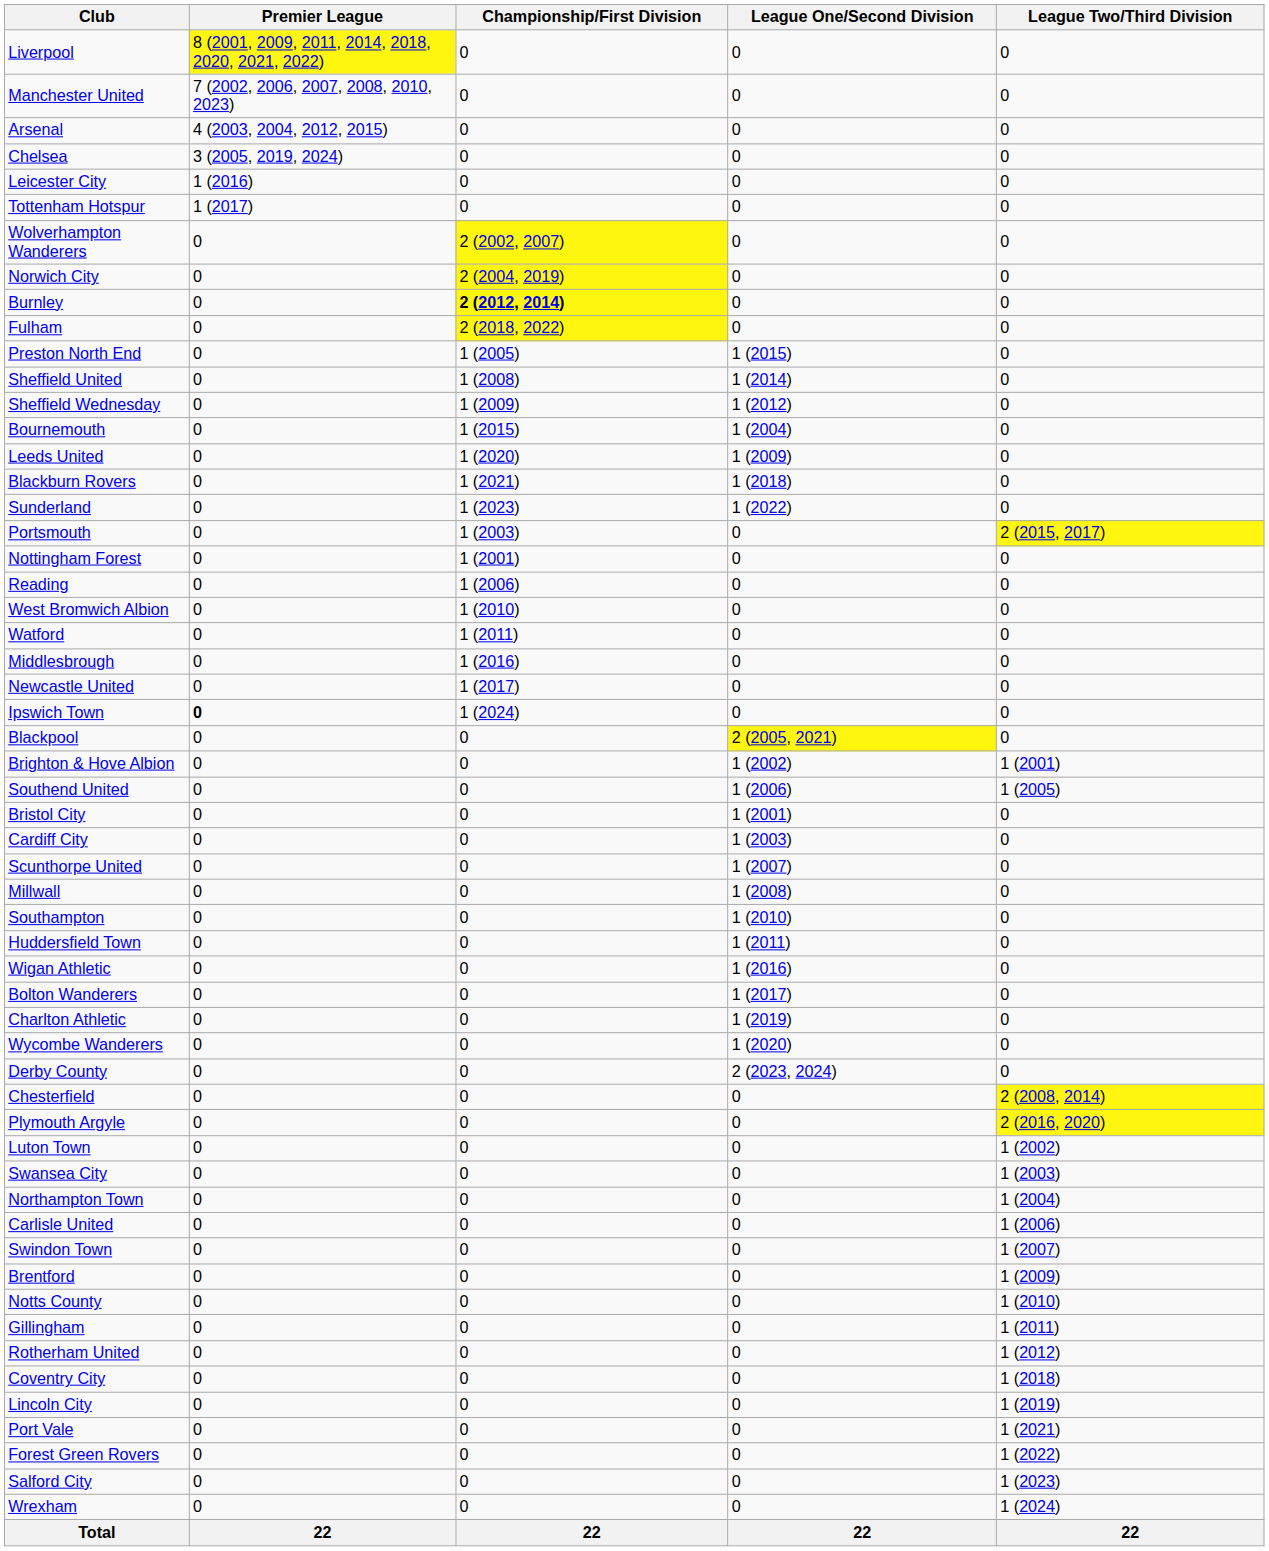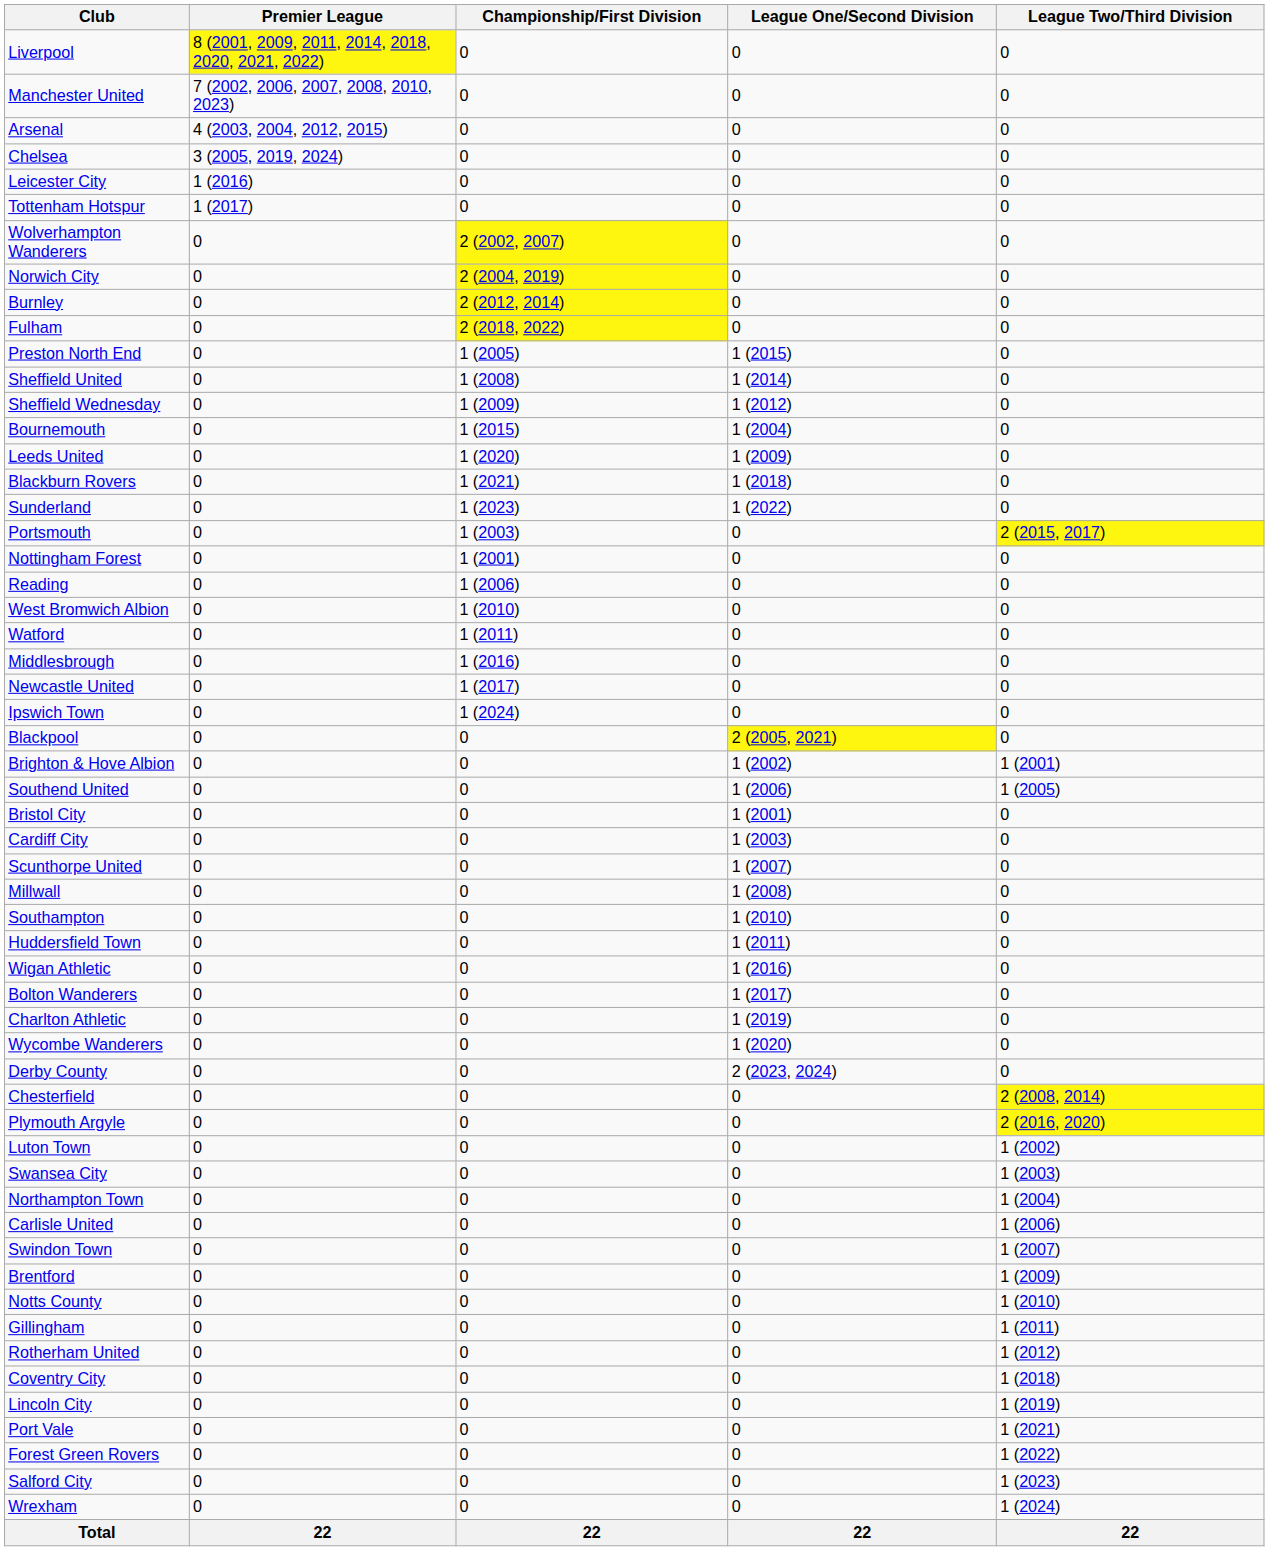 <table class="wikitable sortable">
 <tr>
 <th width="180px">Club</th>
 <th width="270px">Premier League</th>
 <th width="270px">Championship/First Division</th>
 <th width="270px">League One/Second Division</th>
 <th width="270px">League Two/Third Division</th>
 </tr>
 <tr>
 <td><a href='#'>Liverpool</a></td>
 <td bgcolor=#FFF60F>8 (<a href='#'>2001</a>, <a href='#'>2009</a>, <a href='#'>2011</a>, <a href='#'>2014</a>, <a href='#'>2018</a>, <a href='#'>2020</a>, <a href='#'>2021</a>, <a href='#'>2022</a>)</td>
 <td>0</td>
 <td>0</td>
 <td>0</td>
 </tr>
 <tr>
 <td><a href='#'>Manchester United</a></td>
 <td>7 (<a href='#'>2002</a>, <a href='#'>2006</a>, <a href='#'>2007</a>, <a href='#'>2008</a>, <a href='#'>2010</a>, <a href='#'>2023</a>)</td>
 <td>0</td>
 <td>0</td>
 <td>0</td>
 </tr>
 <tr>
 <td><a href='#'>Arsenal</a></td>
 <td>4 (<a href='#'>2003</a>, <a href='#'>2004</a>, <a href='#'>2012</a>, <a href='#'>2015</a>)</td>
 <td>0</td>
 <td>0</td>
 <td>0</td>
 </tr>
 <tr>
 <td><a href='#'>Chelsea</a></td>
 <td>3 (<a href='#'>2005</a>, <a href='#'>2019</a>, <a href='#'>2024</a>)</td>
 <td>0</td>
 <td>0</td>
 <td>0</td>
 </tr>
 <tr>
 <td><a href='#'>Leicester City</a></td>
 <td>1 (<a href='#'>2016</a>)</td>
 <td>0</td>
 <td>0</td>
 <td>0</td>
 </tr>
 <tr>
 <td><a href='#'>Tottenham Hotspur</a></td>
 <td>1 (<a href='#'>2017</a>)</td>
 <td>0</td>
 <td>0</td>
 <td>0</td>
 </tr>
 <tr>
 <td><a href='#'>Wolverhampton Wanderers</a></td>
 <td>0</td>
 <td bgcolor=#FFF60F>2 (<a href='#'>2002</a>, <a href='#'>2007</a>)</td>
 <td>0</td>
 <td>0</td>
 </tr>
 <tr>
 <td><a href='#'>Norwich City</a></td>
 <td>0</td>
 <td bgcolor=#FFF60F>2 (<a href='#'>2004</a>, <a href='#'>2019</a>)</td>
 <td>0</td>
 <td>0</td>
 </tr>
 <tr>
 <td><a href='#'>Burnley</a></td>
 <td>0</td>
-<td bgcolor=#FFF60F><strong>2 (<a href='#'>2012</a>, <a href='#'>2014</a>)</strong></td>
+<td bgcolor=#FFF60F>2 (<a href='#'>2012</a>, <a href='#'>2014</a>)</td>
 <td>0</td>
 <td>0</td>
 </tr>
 <tr>
 <td><a href='#'>Fulham</a></td>
 <td>0</td>
 <td bgcolor=#FFF60F>2 (<a href='#'>2018</a>, <a href='#'>2022</a>)</td>
 <td>0</td>
 <td>0</td>
 </tr>
 <tr>
 <td><a href='#'>Preston North End</a></td>
 <td>0</td>
 <td>1 (<a href='#'>2005</a>)</td>
 <td>1 (<a href='#'>2015</a>)</td>
 <td>0</td>
 </tr>
 <tr>
 <td><a href='#'>Sheffield United</a></td>
 <td>0</td>
 <td>1 (<a href='#'>2008</a>)</td>
 <td>1 (<a href='#'>2014</a>)</td>
 <td>0</td>
 </tr>
 <tr>
 <td><a href='#'>Sheffield Wednesday</a></td>
 <td>0</td>
 <td>1 (<a href='#'>2009</a>)</td>
 <td>1 (<a href='#'>2012</a>)</td>
 <td>0</td>
 </tr>
 <tr>
 <td><a href='#'>Bournemouth</a></td>
 <td>0</td>
 <td>1 (<a href='#'>2015</a>)</td>
 <td>1 (<a href='#'>2004</a>)</td>
 <td>0</td>
 </tr>
 <tr>
 <td><a href='#'>Leeds United</a></td>
 <td>0</td>
 <td>1 (<a href='#'>2020</a>)</td>
 <td>1 (<a href='#'>2009</a>)</td>
 <td>0</td>
 </tr>
 <tr>
 <td><a href='#'>Blackburn Rovers</a></td>
 <td>0</td>
 <td>1 (<a href='#'>2021</a>)</td>
 <td>1 (<a href='#'>2018</a>)</td>
 <td>0</td>
 </tr>
 <tr>
 <td><a href='#'>Sunderland</a></td>
 <td>0</td>
 <td>1 (<a href='#'>2023</a>)</td>
 <td>1 (<a href='#'>2022</a>)</td>
 <td>0</td>
 </tr>
 <tr>
 <td><a href='#'>Portsmouth</a></td>
 <td>0</td>
 <td>1 (<a href='#'>2003</a>)</td>
 <td>0</td>
 <td bgcolor=#FFF60F>2 (<a href='#'>2015</a>, <a href='#'>2017</a>)</td>
 </tr>
 <tr>
 <td><a href='#'>Nottingham Forest</a></td>
 <td>0</td>
 <td>1 (<a href='#'>2001</a>)</td>
 <td>0</td>
 <td>0</td>
 </tr>
 <tr>
 <td><a href='#'>Reading</a></td>
 <td>0</td>
 <td>1 (<a href='#'>2006</a>)</td>
 <td>0</td>
 <td>0</td>
 </tr>
 <tr>
 <td><a href='#'>West Bromwich Albion</a></td>
 <td>0</td>
 <td>1 (<a href='#'>2010</a>)</td>
 <td>0</td>
 <td>0</td>
 </tr>
 <tr>
 <td><a href='#'>Watford</a></td>
 <td>0</td>
 <td>1 (<a href='#'>2011</a>)</td>
 <td>0</td>
 <td>0</td>
 </tr>
 <tr>
 <td><a href='#'>Middlesbrough</a></td>
 <td>0</td>
 <td>1 (<a href='#'>2016</a>)</td>
 <td>0</td>
 <td>0</td>
 </tr>
 <tr>
 <td><a href='#'>Newcastle United</a></td>
 <td>0</td>
 <td>1 (<a href='#'>2017</a>)</td>
 <td>0</td>
 <td>0</td>
 </tr>
 <tr>
 <td><a href='#'>Ipswich Town</a></td>
-<td><strong>0</strong></td>
+<td>0</td>
 <td>1 (<a href='#'>2024</a>)</td>
 <td>0</td>
 <td>0</td>
 </tr>
 <tr>
 <td><a href='#'>Blackpool</a></td>
 <td>0</td>
 <td>0</td>
 <td bgcolor=#FFF60F>2 (<a href='#'>2005</a>, <a href='#'>2021</a>)</td>
 <td>0</td>
 </tr>
 <tr>
 <td><a href='#'>Brighton & Hove Albion</a></td>
 <td>0</td>
 <td>0</td>
 <td>1 (<a href='#'>2002</a>)</td>
 <td>1 (<a href='#'>2001</a>)</td>
 </tr>
 <tr>
 <td><a href='#'>Southend United</a></td>
 <td>0</td>
 <td>0</td>
 <td>1 (<a href='#'>2006</a>)</td>
 <td>1 (<a href='#'>2005</a>)</td>
 </tr>
 <tr>
 <td><a href='#'>Bristol City</a></td>
 <td>0</td>
 <td>0</td>
 <td>1 (<a href='#'>2001</a>)</td>
 <td>0</td>
 </tr>
 <tr>
 <td><a href='#'>Cardiff City</a></td>
 <td>0</td>
 <td>0</td>
 <td>1 (<a href='#'>2003</a>)</td>
 <td>0</td>
 </tr>
 <tr>
 <td><a href='#'>Scunthorpe United</a></td>
 <td>0</td>
 <td>0</td>
 <td>1 (<a href='#'>2007</a>)</td>
 <td>0</td>
 </tr>
 <tr>
 <td><a href='#'>Millwall</a></td>
 <td>0</td>
 <td>0</td>
 <td>1 (<a href='#'>2008</a>)</td>
 <td>0</td>
 </tr>
 <tr>
 <td><a href='#'>Southampton</a></td>
 <td>0</td>
 <td>0</td>
 <td>1 (<a href='#'>2010</a>)</td>
 <td>0</td>
 </tr>
 <tr>
 <td><a href='#'>Huddersfield Town</a></td>
 <td>0</td>
 <td>0</td>
 <td>1 (<a href='#'>2011</a>)</td>
 <td>0</td>
 </tr>
 <tr>
 <td><a href='#'>Wigan Athletic</a></td>
 <td>0</td>
 <td>0</td>
 <td>1 (<a href='#'>2016</a>)</td>
 <td>0</td>
 </tr>
 <tr>
 <td><a href='#'>Bolton Wanderers</a></td>
 <td>0</td>
 <td>0</td>
 <td>1 (<a href='#'>2017</a>)</td>
 <td>0</td>
 </tr>
 <tr>
 <td><a href='#'>Charlton Athletic</a></td>
 <td>0</td>
 <td>0</td>
 <td>1 (<a href='#'>2019</a>)</td>
 <td>0</td>
 </tr>
 <tr>
 <td><a href='#'>Wycombe Wanderers</a></td>
 <td>0</td>
 <td>0</td>
 <td>1 (<a href='#'>2020</a>)</td>
 <td>0</td>
 </tr>
 <tr>
 <td><a href='#'>Derby County</a></td>
 <td>0</td>
 <td>0</td>
 <td>2 (<a href='#'>2023</a>, <a href='#'>2024</a>)</td>
 <td>0</td>
 </tr>
 <tr>
 <td><a href='#'>Chesterfield</a></td>
 <td>0</td>
 <td>0</td>
 <td>0</td>
 <td bgcolor=#FFF60F>2 (<a href='#'>2008</a>, <a href='#'>2014</a>)</td>
 </tr>
 <tr>
 <td><a href='#'>Plymouth Argyle</a></td>
 <td>0</td>
 <td>0</td>
 <td>0</td>
 <td bgcolor=#FFF60F>2 (<a href='#'>2016</a>, <a href='#'>2020</a>)</td>
 </tr>
 <tr>
 <td><a href='#'>Luton Town</a></td>
 <td>0</td>
 <td>0</td>
 <td>0</td>
 <td>1 (<a href='#'>2002</a>)</td>
 </tr>
 <tr>
 <td><a href='#'>Swansea City</a></td>
 <td>0</td>
 <td>0</td>
 <td>0</td>
 <td>1 (<a href='#'>2003</a>)</td>
 </tr>
 <tr>
 <td><a href='#'>Northampton Town</a></td>
 <td>0</td>
 <td>0</td>
 <td>0</td>
 <td>1 (<a href='#'>2004</a>)</td>
 </tr>
 <tr>
 <td><a href='#'>Carlisle United</a></td>
 <td>0</td>
 <td>0</td>
 <td>0</td>
 <td>1 (<a href='#'>2006</a>)</td>
 </tr>
 <tr>
 <td><a href='#'>Swindon Town</a></td>
 <td>0</td>
 <td>0</td>
 <td>0</td>
 <td>1 (<a href='#'>2007</a>)</td>
 </tr>
 <tr>
 <td><a href='#'>Brentford</a></td>
 <td>0</td>
 <td>0</td>
 <td>0</td>
 <td>1 (<a href='#'>2009</a>)</td>
 </tr>
 <tr>
 <td><a href='#'>Notts County</a></td>
 <td>0</td>
 <td>0</td>
 <td>0</td>
 <td>1 (<a href='#'>2010</a>)</td>
 </tr>
 <tr>
 <td><a href='#'>Gillingham</a></td>
 <td>0</td>
 <td>0</td>
 <td>0</td>
 <td>1 (<a href='#'>2011</a>)</td>
 </tr>
 <tr>
 <td><a href='#'>Rotherham United</a></td>
 <td>0</td>
 <td>0</td>
 <td>0</td>
 <td>1 (<a href='#'>2012</a>)</td>
 </tr>
 <tr>
 <td><a href='#'>Coventry City</a></td>
 <td>0</td>
 <td>0</td>
 <td>0</td>
 <td>1 (<a href='#'>2018</a>)</td>
 </tr>
 <tr>
 <td><a href='#'>Lincoln City</a></td>
 <td>0</td>
 <td>0</td>
 <td>0</td>
 <td>1 (<a href='#'>2019</a>)</td>
 </tr>
 <tr>
 <td><a href='#'>Port Vale</a></td>
 <td>0</td>
 <td>0</td>
 <td>0</td>
 <td>1 (<a href='#'>2021</a>)</td>
 </tr>
 <tr>
 <td><a href='#'>Forest Green Rovers</a></td>
 <td>0</td>
 <td>0</td>
 <td>0</td>
 <td>1 (<a href='#'>2022</a>)</td>
 </tr>
 <tr>
 <td><a href='#'>Salford City</a></td>
 <td>0</td>
 <td>0</td>
 <td>0</td>
 <td>1 (<a href='#'>2023</a>)</td>
 </tr>
 <tr>
 <td><a href='#'>Wrexham</a></td>
 <td>0</td>
 <td>0</td>
 <td>0</td>
 <td>1 (<a href='#'>2024</a>)</td>
 </tr>
 <tr>
 <th>Total</th>
 <th>22</th>
 <th>22</th>
 <th>22</th>
 <th>22</th>
 </tr>
 </table>
